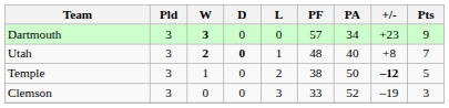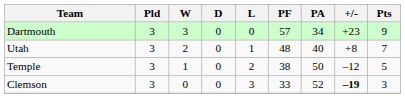 <table class="wikitable" style="text-align: center;">
 <tr>
 <th width="180">Team</th>
 <th width="40">Pld</th>
 <th width="40">W</th>
 <th width="40">D</th>
 <th width="40">L</th>
 <th width="40">PF</th>
 <th width="40">PA</th>
 <th width="40">+/-</th>
 <th width="40">Pts</th>
 </tr>
 <tr bgcolor=#ccffcc>
 <td align="left">Dartmouth</td>
 <td>3</td>
-<td><strong>3</strong></td>
+<td>3</td>
 <td>0</td>
 <td>0</td>
 <td>57</td>
 <td>34</td>
 <td>+23</td>
 <td>9</td>
 </tr>
 <tr>
 <td align="left">Utah</td>
 <td>3</td>
-<td><strong>2</strong></td>
-<td><strong>0</strong></td>
+<td>2</td>
+<td>0</td>
 <td>1</td>
 <td>48</td>
 <td>40</td>
 <td>+8</td>
 <td>7</td>
 </tr>
 <tr>
 <td align="left">Temple</td>
 <td>3</td>
 <td>1</td>
 <td>0</td>
 <td>2</td>
 <td>38</td>
 <td>50</td>
-<td><strong>–12</strong></td>
+<td>–12</td>
 <td>5</td>
 </tr>
 <tr>
 <td align="left">Clemson</td>
 <td>3</td>
 <td>0</td>
 <td>0</td>
 <td>3</td>
 <td>33</td>
 <td>52</td>
-<td>–19</td>
+<td><strong>–19</strong></td>
 <td>3</td>
 </tr>
 <tr>
 </tr>
 </table>
